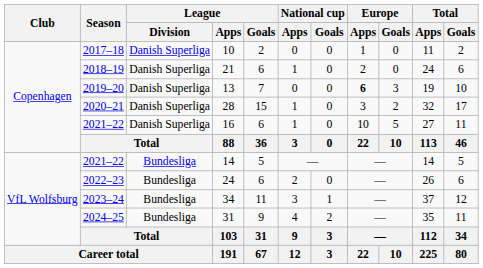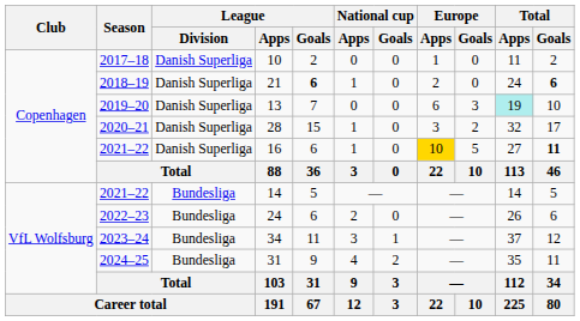 <table class="wikitable" style="text-align:center">
 <tr>
 <th rowspan="2">Club</th>
 <th rowspan="2">Season</th>
 <th colspan="3">League</th>
 <th colspan="2">National cup</th>
 <th colspan="2">Europe</th>
 <th colspan="2">Total</th>
 </tr>
 <tr>
 <th>Division</th>
 <th>Apps</th>
 <th>Goals</th>
 <th>Apps</th>
 <th>Goals</th>
 <th>Apps</th>
 <th>Goals</th>
 <th>Apps</th>
 <th>Goals</th>
 </tr>
 <tr>
 <td rowspan="6"><a href='#'>Copenhagen</a></td>
 <td><a href='#'>2017–18</a></td>
 <td><a href='#'>Danish Superliga</a></td>
 <td>10</td>
 <td>2</td>
 <td>0</td>
 <td>0</td>
 <td>1</td>
 <td>0</td>
 <td>11</td>
 <td>2</td>
 </tr>
 <tr>
 <td><a href='#'>2018–19</a></td>
 <td>Danish Superliga</td>
 <td>21</td>
-<td>6</td>
+<td><strong>6</strong></td>
 <td>1</td>
 <td>0</td>
 <td>2</td>
 <td>0</td>
 <td>24</td>
-<td>6</td>
+<td><strong>6</strong></td>
 </tr>
 <tr>
 <td><a href='#'>2019–20</a></td>
 <td>Danish Superliga</td>
 <td>13</td>
 <td>7</td>
 <td>0</td>
 <td>0</td>
-<td><strong>6</strong></td>
+<td>6</td>
 <td>3</td>
-<td>19</td>
+<td style="background: paleturquoise;">19</td>
 <td>10</td>
 </tr>
 <tr>
 <td><a href='#'>2020–21</a></td>
 <td>Danish Superliga</td>
 <td>28</td>
 <td>15</td>
 <td>1</td>
 <td>0</td>
 <td>3</td>
 <td>2</td>
 <td>32</td>
 <td>17</td>
 </tr>
 <tr>
 <td><a href='#'>2021–22</a></td>
 <td>Danish Superliga</td>
 <td>16</td>
 <td>6</td>
 <td>1</td>
 <td>0</td>
-<td>10</td>
+<td style="background: gold;">10</td>
 <td>5</td>
 <td>27</td>
-<td>11</td>
+<td><strong>11</strong></td>
 </tr>
 <tr>
 <th colspan="2">Total</th>
 <th>88</th>
 <th>36</th>
 <th>3</th>
 <th>0</th>
 <th>22</th>
 <th>10</th>
 <th>113</th>
 <th>46</th>
 </tr>
 <tr>
 <td rowspan="5"><a href='#'>VfL Wolfsburg</a></td>
 <td><a href='#'>2021–22</a></td>
 <td><a href='#'>Bundesliga</a></td>
 <td>14</td>
 <td>5</td>
 <td colspan="2">—</td>
 <td colspan="2">—</td>
 <td>14</td>
 <td>5</td>
 </tr>
 <tr>
 <td><a href='#'>2022–23</a></td>
 <td>Bundesliga</td>
 <td>24</td>
 <td>6</td>
 <td>2</td>
 <td>0</td>
 <td colspan="2">—</td>
 <td>26</td>
 <td>6</td>
 </tr>
 <tr>
 <td><a href='#'>2023–24</a></td>
 <td>Bundesliga</td>
 <td>34</td>
 <td>11</td>
 <td>3</td>
 <td>1</td>
 <td colspan="2">—</td>
 <td>37</td>
 <td>12</td>
 </tr>
 <tr>
 <td><a href='#'>2024–25</a></td>
 <td>Bundesliga</td>
 <td>31</td>
 <td>9</td>
 <td>4</td>
 <td>2</td>
 <td colspan="2">—</td>
 <td>35</td>
 <td>11</td>
 </tr>
 <tr>
 <th colspan="2">Total</th>
 <th>103</th>
 <th>31</th>
 <th>9</th>
 <th>3</th>
 <th colspan="2">—</th>
 <th>112</th>
 <th>34</th>
 </tr>
 <tr>
 <th colspan="3">Career total</th>
 <th>191</th>
 <th>67</th>
 <th>12</th>
 <th>3</th>
 <th>22</th>
 <th>10</th>
 <th>225</th>
 <th>80</th>
 </tr>
 </table>
